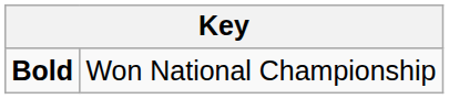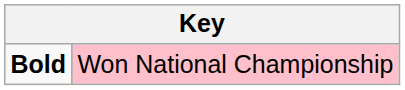 <table class="wikitable">
 <tr>
 <th colspan="2">Key</th>
 </tr>
 <tr>
 <td><strong>Bold</strong></td>
-<td>Won National Championship</td>
+<td style="background: pink;">Won National Championship</td>
 </tr>
 </table>
